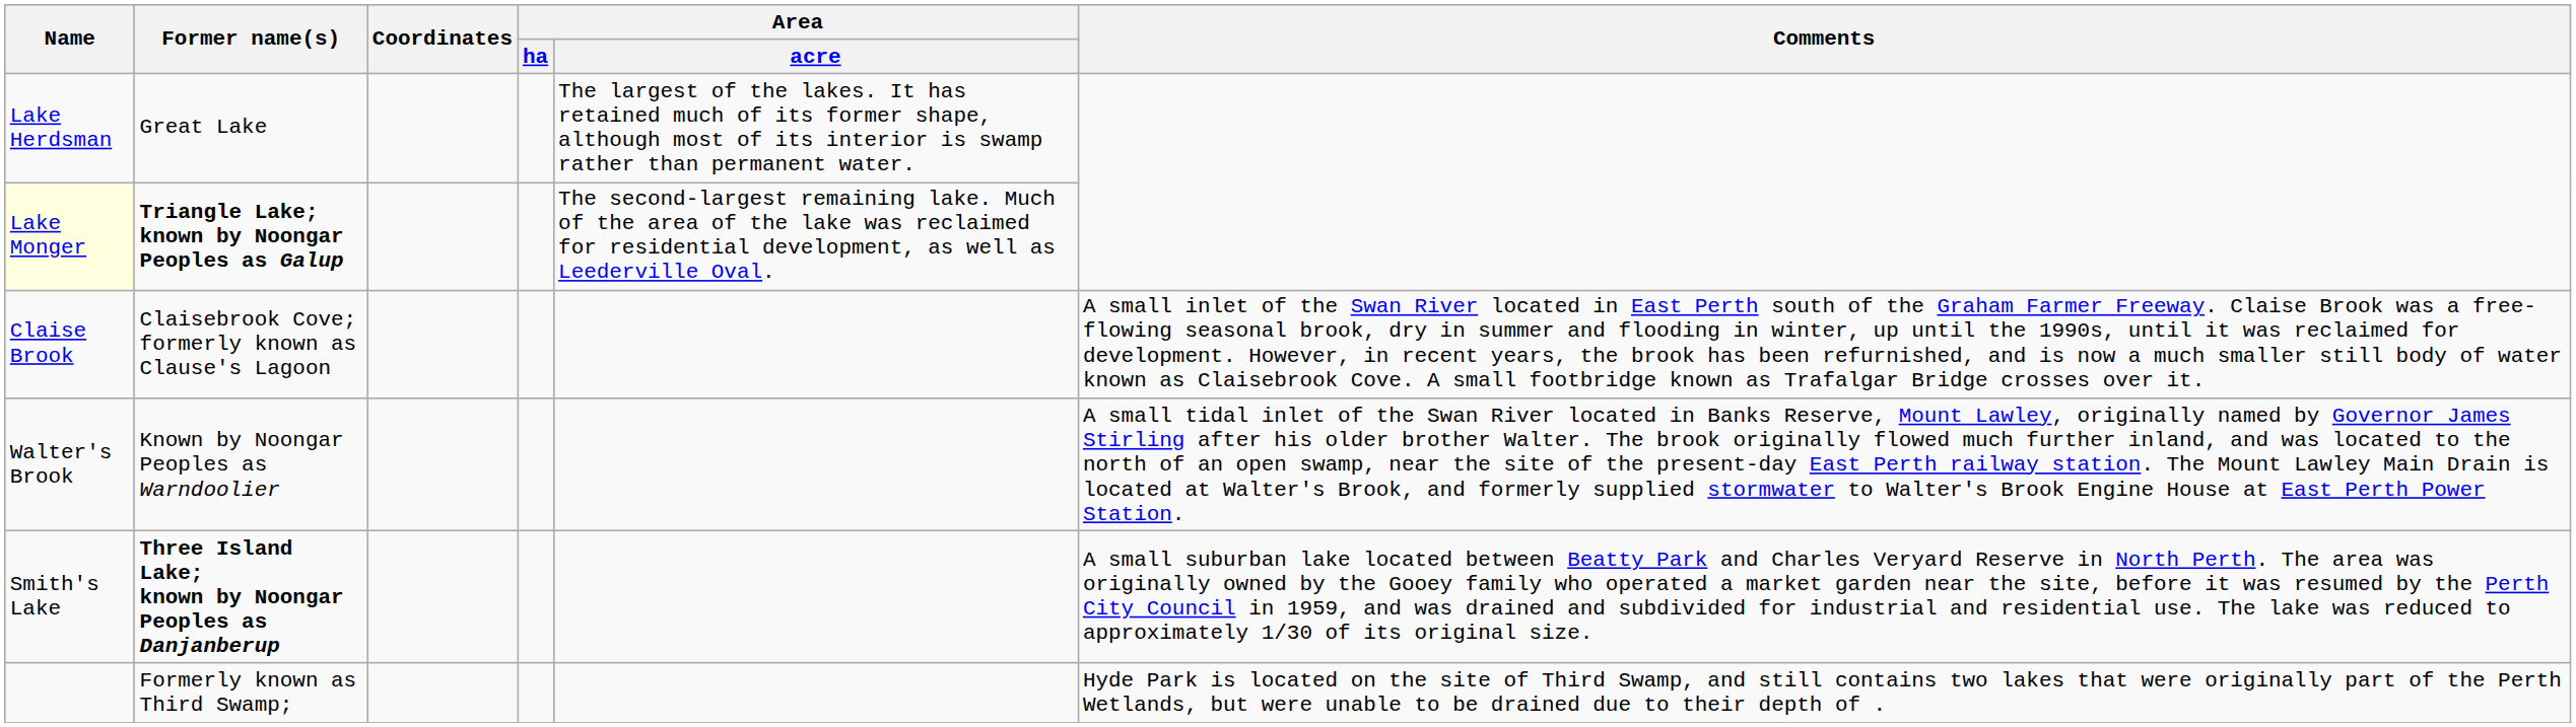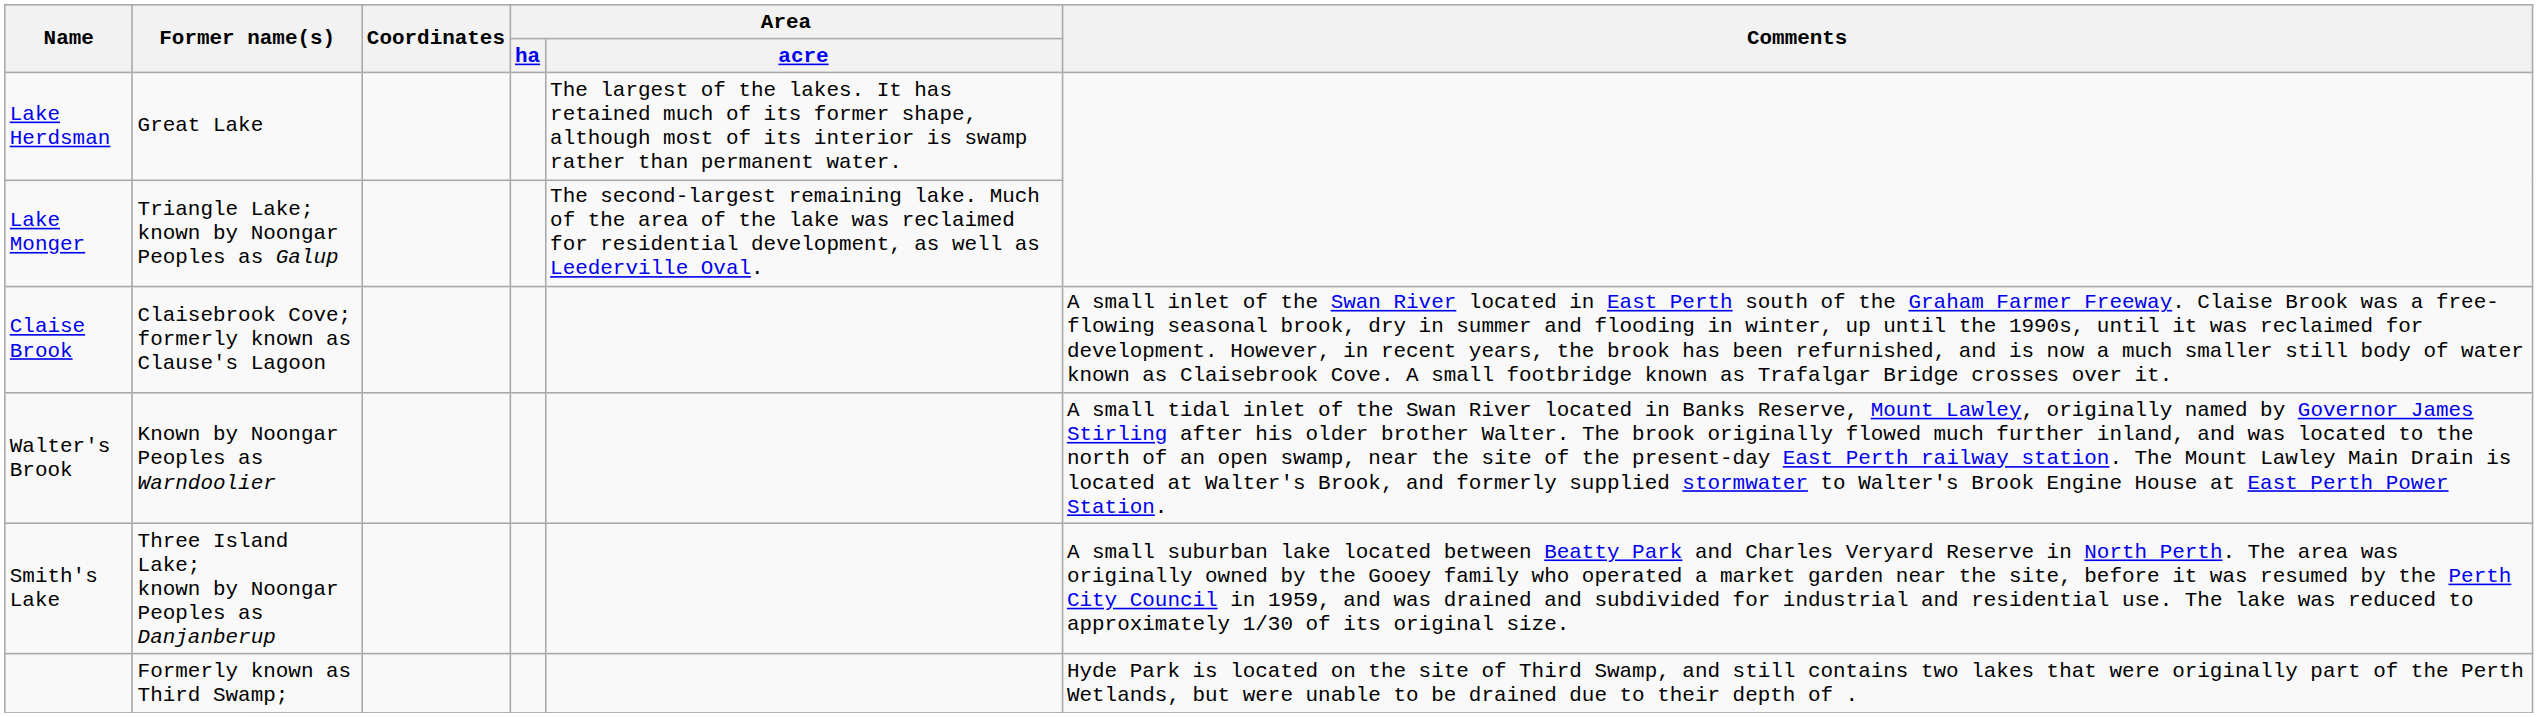 <table class="wikitable sortable">
 <tr>
 <th scope="col" rowspan=2>Name</th>
 <th scope="col" rowspan=2>Former name(s)</th>
 <th scope="col" rowspan=2>Coordinates</th>
 <th scope="col" colspan=2>Area</th>
 <th scope="col" rowspan=2>Comments</th>
 </tr>
 <tr>
 <th scope="col"><a href='#'>ha</a></th>
 <th scope="col"><a href='#'>acre</a></th>
 </tr>
 <tr>
 <td><a href='#'>Lake Herdsman</a></td>
 <td>Great Lake</td>
 <td></td>
 <td></td>
 <td>The largest of the lakes. It has retained much of its former shape, although most of its interior is swamp rather than permanent water.</td>
 </tr>
 <tr>
-<td style="background: lightyellow;"><a href='#'>Lake Monger</a></td>
-<td><strong>Triangle Lake;<br> known by Noongar Peoples as <em>Galup</em></strong></td>
+<td><a href='#'>Lake Monger</a></td>
+<td>Triangle Lake;<br> known by Noongar Peoples as <em>Galup</em></td>
 <td></td>
 <td></td>
 <td>The second-largest remaining lake. Much of the area of the lake was reclaimed for residential development, as well as <a href='#'>Leederville Oval</a>.</td>
 </tr>
 <tr>
 <td><a href='#'>Claise Brook</a></td>
 <td>Claisebrook Cove;<br> formerly known as Clause's Lagoon</td>
 <td></td>
 <td></td>
 <td></td>
 <td>A small inlet of the <a href='#'>Swan River</a> located in <a href='#'>East Perth</a> south of the <a href='#'>Graham Farmer Freeway</a>. Claise Brook was a free-flowing seasonal brook, dry in summer and flooding in winter, up until the 1990s, until it was reclaimed for development. However, in recent years, the brook has been refurnished, and is now a much smaller still body of water known as Claisebrook Cove. A small footbridge known as Trafalgar Bridge crosses over it.</td>
 </tr>
 <tr>
 <td>Walter's Brook</td>
 <td>Known by Noongar Peoples as <em>Warndoolier</em></td>
 <td></td>
 <td></td>
 <td></td>
 <td>A small tidal inlet of the Swan River located in Banks Reserve, <a href='#'>Mount Lawley</a>, originally named by <a href='#'>Governor James Stirling</a> after his older brother Walter. The brook originally flowed much further inland, and was located to the north of an open swamp, near the site of the present-day <a href='#'>East Perth railway station</a>. The Mount Lawley Main Drain is located at Walter's Brook, and formerly supplied <a href='#'>stormwater</a> to Walter's Brook Engine House at <a href='#'>East Perth Power Station</a>.</td>
 </tr>
 <tr>
 <td>Smith's Lake</td>
-<td><strong>Three Island Lake;<br> known by Noongar Peoples as <em>Danjanberup</em></strong></td>
+<td>Three Island Lake;<br> known by Noongar Peoples as <em>Danjanberup</em></td>
 <td></td>
 <td></td>
 <td></td>
 <td>A small suburban lake located between <a href='#'>Beatty Park</a> and Charles Veryard Reserve in <a href='#'>North Perth</a>. The area was originally owned by the Gooey family who operated a market garden near the site, before it was resumed by the <a href='#'>Perth City Council</a> in 1959, and was drained and subdivided for industrial and residential use. The lake was reduced to approximately 1/30 of its original size.</td>
 </tr>
 <tr>
 <td></td>
 <td>Formerly known as Third Swamp;<br></td>
 <td></td>
 <td></td>
 <td></td>
 <td>Hyde Park is located on the site of Third Swamp, and still contains two lakes that were originally part of the Perth Wetlands, but were unable to be drained due to their depth of .</td>
 </tr>
 <tr>
 </tr>
 </table>
